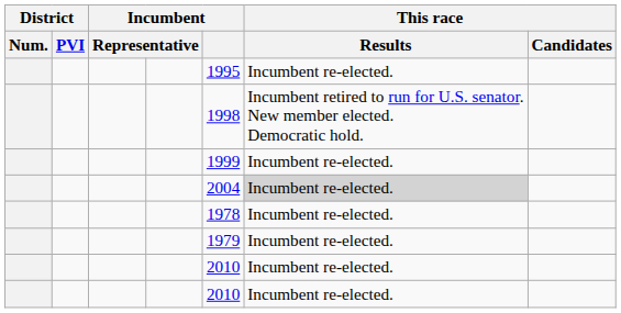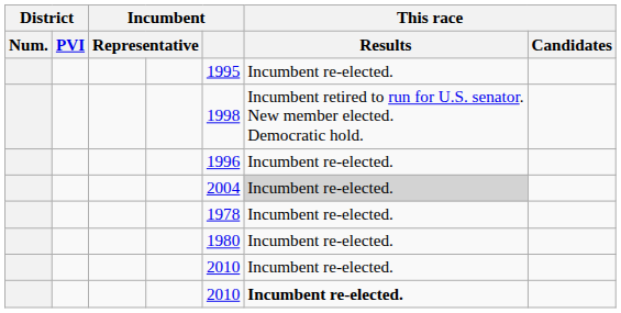 <table class="wikitable sortable">
 <tr>
 <th colspan=2>District</th>
 <th colspan=3>Incumbent</th>
 <th colspan=2 class="unsortable">This race</th>
 </tr>
 <tr valign=bottom>
 <th>Num.</th>
 <th><a href='#'>PVI</a></th>
 <th colspan="2">Representative</th>
 <th></th>
 <th>Results</th>
 <th>Candidates</th>
 </tr>
 <tr>
 <th></th>
 <td></td>
 <td></td>
 <td></td>
 <td><a href='#'>1995</a></td>
 <td>Incumbent re-elected.</td>
 <td nowrap></td>
 </tr>
 <tr>
 <th></th>
 <td></td>
 <td></td>
 <td></td>
 <td><a href='#'>1998</a></td>
 <td>Incumbent retired to <a href='#'>run for U.S. senator</a>.<br>New member elected.<br>Democratic hold.</td>
 <td nowrap></td>
 </tr>
 <tr>
 <th></th>
 <td></td>
 <td></td>
 <td></td>
-<td><a href='#'>1999</a></td>
+<td><a href='#'>1996</a></td>
 <td>Incumbent re-elected.</td>
 <td nowrap></td>
 </tr>
 <tr>
 <th></th>
 <td></td>
 <td></td>
 <td></td>
 <td><a href='#'>2004</a></td>
 <td style="background: lightgrey;">Incumbent re-elected.</td>
 <td nowrap></td>
 </tr>
 <tr>
 <th></th>
 <td></td>
 <td></td>
 <td></td>
 <td><a href='#'>1978</a></td>
 <td>Incumbent re-elected.</td>
 <td nowrap></td>
 </tr>
 <tr>
 <th></th>
 <td></td>
 <td></td>
 <td></td>
-<td><a href='#'>1979 </a></td>
+<td><a href='#'>1980 </a></td>
 <td>Incumbent re-elected.</td>
 <td nowrap></td>
 </tr>
 <tr>
 <th></th>
 <td></td>
 <td></td>
 <td></td>
 <td><a href='#'>2010</a></td>
 <td>Incumbent re-elected.</td>
 <td nowrap></td>
 </tr>
 <tr>
 <th></th>
 <td></td>
 <td></td>
 <td></td>
 <td><a href='#'>2010</a></td>
-<td>Incumbent re-elected.</td>
+<td><strong>Incumbent re-elected.</strong></td>
 <td nowrap></td>
 </tr>
 </table>
